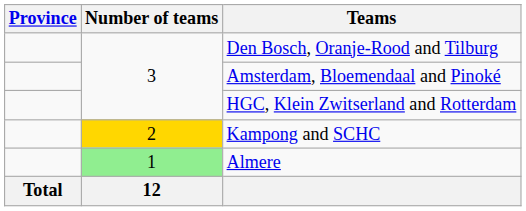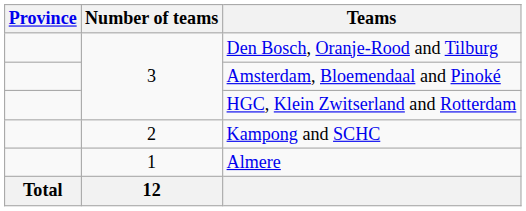 <table class="wikitable">
 <tr>
 <th><a href='#'>Province</a></th>
 <th>Number of teams</th>
 <th>Teams</th>
 </tr>
 <tr>
 <td></td>
 <td align=center rowspan=3>3</td>
 <td><a href='#'>Den Bosch</a>, <a href='#'>Oranje-Rood</a> and <a href='#'>Tilburg</a></td>
 </tr>
 <tr>
 <td></td>
 <td><a href='#'>Amsterdam</a>, <a href='#'>Bloemendaal</a> and <a href='#'>Pinoké</a></td>
 </tr>
 <tr>
 <td></td>
 <td><a href='#'>HGC</a>, <a href='#'>Klein Zwitserland</a> and <a href='#'>Rotterdam</a></td>
 </tr>
 <tr>
 <td></td>
-<td align=center style="background: gold;">2</td>
+<td align=center>2</td>
 <td><a href='#'>Kampong</a> and <a href='#'>SCHC</a></td>
 </tr>
 <tr>
 <td></td>
-<td align=center style="background: lightgreen;">1</td>
+<td align=center>1</td>
 <td><a href='#'>Almere</a></td>
 </tr>
 <tr>
 <th>Total</th>
 <th>12</th>
 <th></th>
 </tr>
 </table>
